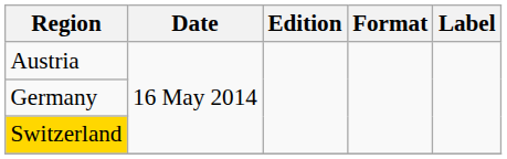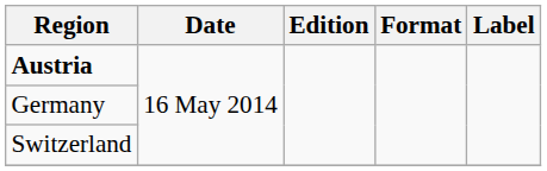 <table class="wikitable">
 <tr>
 <th scope="col">Region</th>
 <th scope="col">Date</th>
 <th scope="col">Edition</th>
 <th scope="col">Format</th>
 <th scope="col">Label</th>
 </tr>
 <tr>
-<td>Austria</td>
+<td><strong>Austria</strong></td>
 <td rowspan="3">16 May 2014</td>
 <td rowspan="3"></td>
 <td rowspan="3"></td>
 <td rowspan="3"></td>
 </tr>
 <tr>
 <td>Germany</td>
 </tr>
 <tr>
-<td style="background: gold;">Switzerland</td>
+<td>Switzerland</td>
 </tr>
 <tr>
 </tr>
 </table>
